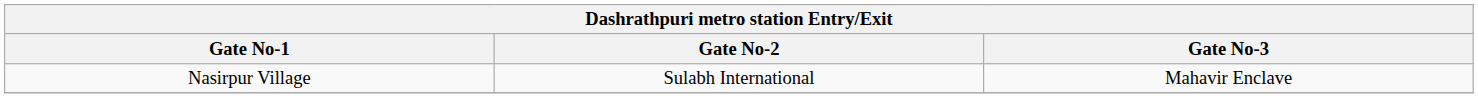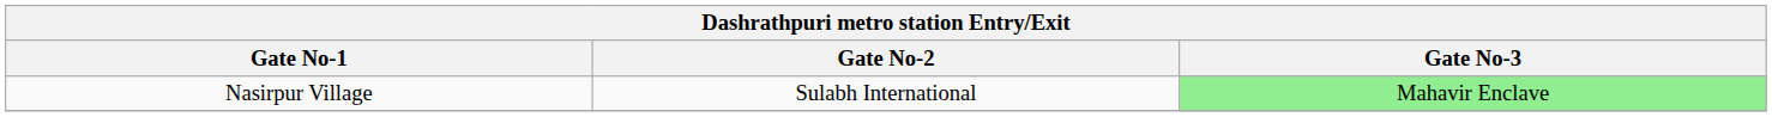 <table class="wikitable" style="text-align: center;" width="80%">
 <tr>
 <th align="center" colspan="5" style="background:#"><span>Dashrathpuri metro station Entry/Exit</span></th>
 </tr>
 <tr>
 <th style="width:25%;">Gate No-1 </th>
 <th style="width:25%;">Gate No-2</th>
 <th style="width:25%;">Gate No-3 </th>
 </tr>
 <tr>
 <td>Nasirpur Village</td>
 <td>Sulabh International</td>
-<td>Mahavir Enclave</td>
+<td style="background: lightgreen;">Mahavir Enclave</td>
 </tr>
 <tr>
 </tr>
 </table>
